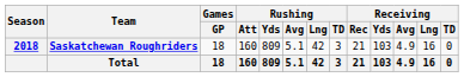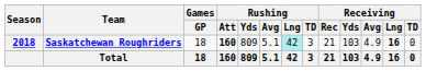 <table class=wikitable style="text-align:center;">
 <tr>
 <th rowspan=2>Season</th>
 <th rowspan=2>Team</th>
 <th>Games</th>
 <th colspan=5>Rushing</th>
 <th colspan=5>Receiving</th>
 </tr>
 <tr>
 <th>GP</th>
 <th>Att</th>
 <th>Yds</th>
 <th>Avg</th>
 <th>Lng</th>
 <th>TD</th>
 <th>Rec</th>
 <th>Yds</th>
 <th>Avg</th>
 <th>Lng</th>
 <th>TD</th>
 </tr>
 <tr>
 <th><a href='#'>2018</a></th>
 <th><a href='#'>Saskatchewan Roughriders</a></th>
 <td>18</td>
-<td>160</td>
+<td><strong>160</strong></td>
 <td>809</td>
 <td>5.1</td>
-<td>42</td>
+<td style="background: paleturquoise;">42</td>
 <td>3</td>
 <td>21</td>
 <td>103</td>
 <td>4.9</td>
-<td>16</td>
+<td><strong>16</strong></td>
 <td>0</td>
 </tr>
 <tr>
 <th></th>
 <th>Total</th>
 <th>18</th>
 <th>160</th>
 <th>809</th>
 <th>5.1</th>
 <th>42</th>
 <th>3</th>
 <th>21</th>
 <th>103</th>
 <th>4.9</th>
 <th>16</th>
 <th>0</th>
 </tr>
 </table>
